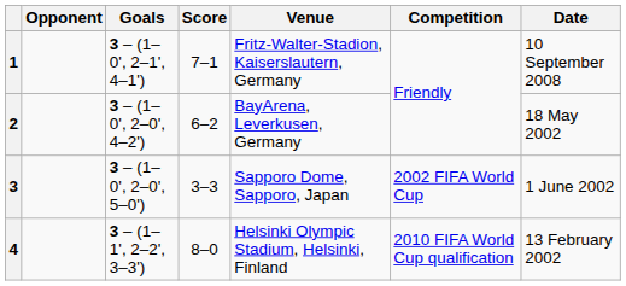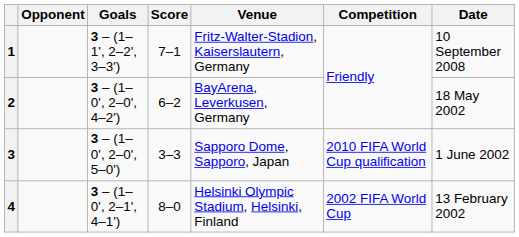 <table class="wikitable sortable">
 <tr>
 <th></th>
 <th>Opponent</th>
 <th>Goals</th>
 <th>Score</th>
 <th>Venue</th>
 <th>Competition</th>
 <th>Date</th>
 </tr>
 <tr>
 <th style="text-align: center">1</th>
 <td data-sort-value="Israel"></td>
-<td data-sort-value="1"><strong>3</strong> – (1–0', 2–1', 4–1')</td>
+<td data-sort-value="1"><strong>3</strong> – (1–1', 2–2', 3–3')</td>
 <td style="text-align: center" data-sort-value="1">7–1</td>
 <td><a href='#'>Fritz-Walter-Stadion</a>, <a href='#'>Kaiserslautern</a>, Germany</td>
 <td rowspan="2"><a href='#'>Friendly</a></td>
 <td>10 September 2008</td>
 </tr>
 <tr>
 <th style="text-align: center">2</th>
 <td data-sort-value="Austria"></td>
 <td data-sort-value="2"><strong>3</strong> – (1–0', 2–0', 4–2')</td>
 <td style="text-align: center" data-sort-value="2">6–2</td>
 <td><a href='#'>BayArena</a>, <a href='#'>Leverkusen</a>, Germany</td>
 <td>18 May 2002</td>
 </tr>
 <tr>
 <th style="text-align: center">3</th>
 <td data-sort-value="Saudi Arabia"></td>
 <td data-sort-value="1"><strong>3</strong> – (1–0', 2–0', 5–0')</td>
 <td style="text-align: center" data-sort-value="1">3–3</td>
 <td><a href='#'>Sapporo Dome</a>, <a href='#'>Sapporo</a>, Japan</td>
-<td><a href='#'>2002 FIFA World Cup</a></td>
+<td><a href='#'>2010 FIFA World Cup qualification</a></td>
 <td>1 June 2002</td>
 </tr>
 <tr>
 <th style="text-align: center">4</th>
 <td data-sort-value="Finland"></td>
-<td data-sort-value="1"><strong>3</strong> – (1–1', 2–2', 3–3')</td>
+<td data-sort-value="1"><strong>3</strong> – (1–0', 2–1', 4–1')</td>
 <td style="text-align: center" data-sort-value="1">8–0</td>
 <td><a href='#'>Helsinki Olympic Stadium</a>, <a href='#'>Helsinki</a>, Finland</td>
-<td><a href='#'>2010 FIFA World Cup qualification</a></td>
+<td><a href='#'>2002 FIFA World Cup</a></td>
 <td>13 February 2002</td>
 </tr>
 </table>
